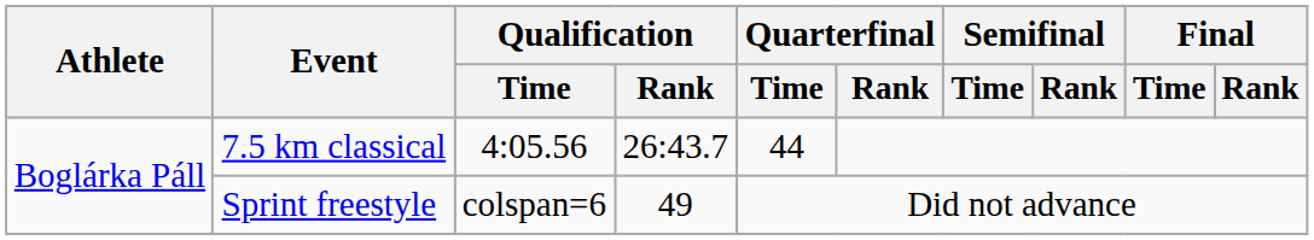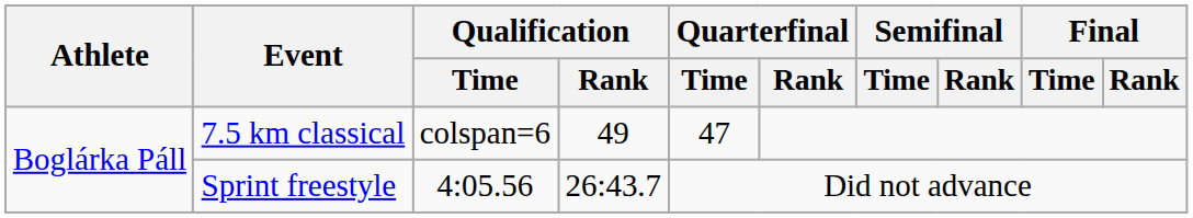 <table class="wikitable" style="font-size:90%">
 <tr>
 <th rowspan="2">Athlete</th>
 <th rowspan="2">Event</th>
 <th colspan="2">Qualification</th>
 <th colspan="2">Quarterfinal</th>
 <th colspan="2">Semifinal</th>
 <th colspan="2">Final</th>
 </tr>
 <tr style="font-size:95%">
 <th>Time</th>
 <th>Rank</th>
 <th>Time</th>
 <th>Rank</th>
 <th>Time</th>
 <th>Rank</th>
 <th>Time</th>
 <th>Rank</th>
 </tr>
 <tr align=center>
 <td align=left rowspan=2><a href='#'>Boglárka Páll</a></td>
 <td align=left><a href='#'>7.5 km classical</a></td>
-<td>4:05.56</td>
-<td>26:43.7</td>
-<td>44</td>
+<td>colspan=6</td>
+<td>49</td>
+<td>47</td>
 </tr>
 <tr align=center>
 <td align=left><a href='#'>Sprint freestyle</a></td>
-<td>colspan=6</td>
-<td>49</td>
+<td>4:05.56</td>
+<td>26:43.7</td>
 <td colspan=6>Did not advance</td>
 </tr>
 </table>
